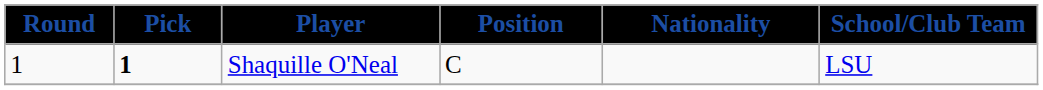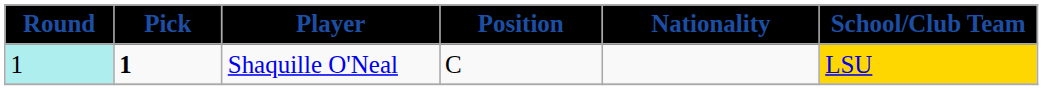 <table class="wikitable sortable sortable">
 <tr>
 <th style="background:#000000; color:#1C4EA4"  width="10%">Round</th>
 <th style="background:#000000; color:#1C4EA4"  width="10%">Pick</th>
 <th style="background:#000000; color:#1C4EA4"  width="20%">Player</th>
 <th style="background:#000000; color:#1C4EA4"  width="15%">Position</th>
 <th style="background:#000000; color:#1C4EA4"  width="20%">Nationality</th>
 <th style="background:#000000; color:#1C4EA4"  width="20%">School/Club Team</th>
 </tr>
 <tr>
-<td>1</td>
+<td style="background: paleturquoise;">1</td>
 <td><strong>1</strong></td>
 <td><a href='#'>Shaquille O'Neal</a></td>
 <td>C</td>
 <td></td>
-<td><a href='#'>LSU</a></td>
+<td style="background: gold;"><a href='#'>LSU</a></td>
 </tr>
 <tr>
 </tr>
 </table>
